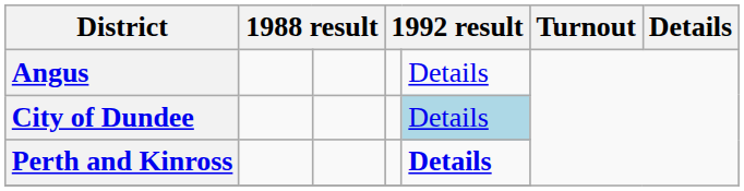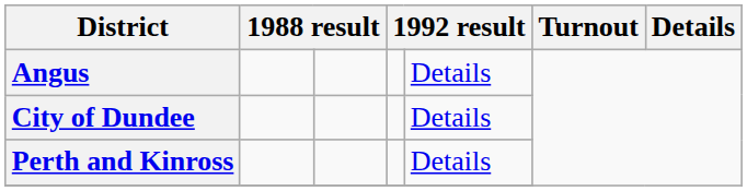 <table class="wikitable">
 <tr>
 <th scope="col">District</th>
 <th scope="col"  colspan="2">1988 result</th>
 <th scope="col" colspan="2">1992 result</th>
 <th scope="col">Turnout</th>
 <th scope="col">Details</th>
 </tr>
 <tr>
 <th scope="row" style="text-align: left;"><a href='#'>Angus</a></th>
 <td></td>
 <td></td>
 <td></td>
 <td><a href='#'>Details</a></td>
 </tr>
 <tr>
 <th scope="row" style="text-align: left;"><a href='#'> City of Dundee</a></th>
 <td></td>
 <td></td>
 <td></td>
-<td style="background: lightblue;"><a href='#'>Details</a></td>
+<td><a href='#'>Details</a></td>
 </tr>
 <tr>
 <th scope="row" style="text-align: left;"><a href='#'>Perth and Kinross</a></th>
 <td></td>
 <td></td>
 <td></td>
-<td><strong><a href='#'>Details</a></strong></td>
+<td><a href='#'>Details</a></td>
 </tr>
 <tr>
 </tr>
 </table>
